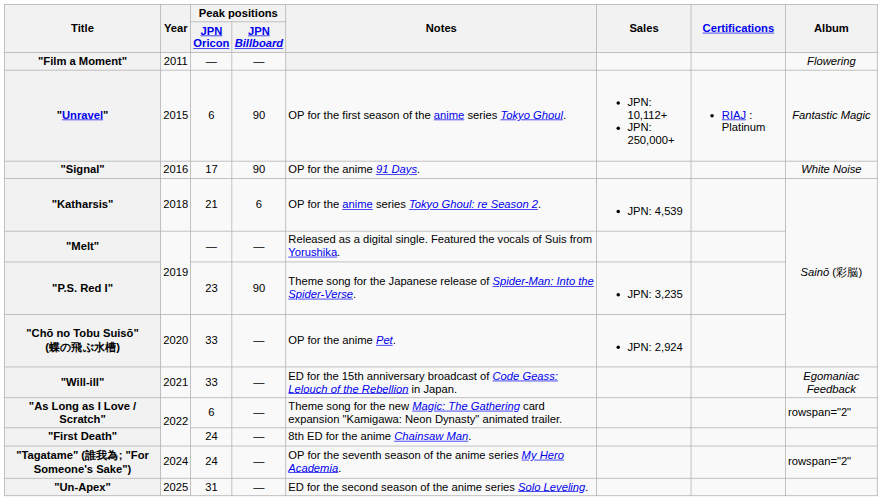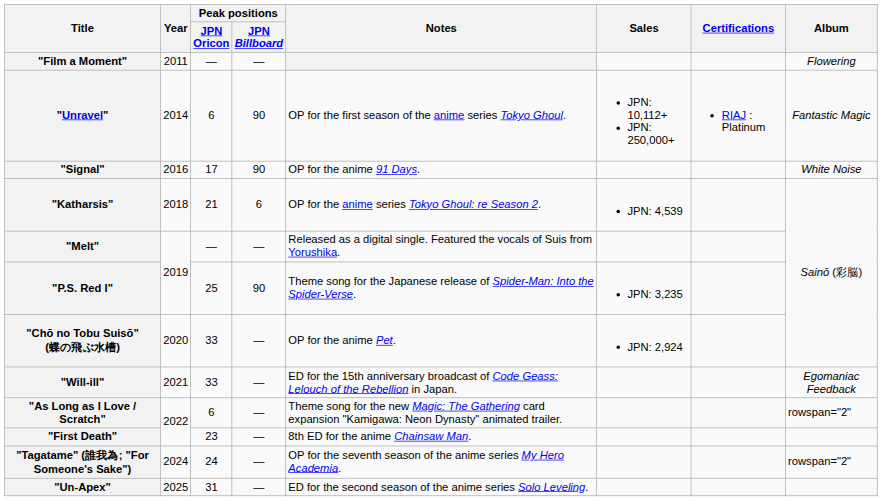 <table class="wikitable plainrowheaders">
 <tr>
 <th scope="col" rowspan="2">Title</th>
 <th scope="col" rowspan="2">Year</th>
 <th scope="col" colspan="2">Peak positions</th>
 <th scope="col" rowspan="2">Notes</th>
 <th scope="col" rowspan="2">Sales</th>
 <th scope="col" rowspan="2"><a href='#'>Certifications</a></th>
 <th scope="col" rowspan="2">Album</th>
 </tr>
 <tr>
 <th style="width:50px;" scope="col"><a href='#'>JPN <br>Oricon</a><br></th>
 <th style="width:50px;" scope="col"><a href='#'>JPN <br><em>Billboard</em></a><br></th>
 </tr>
 <tr>
 <th scope="row">"Film a Moment"</th>
 <td align="center">2011</td>
 <td align="center">—</td>
 <td align="center">—</td>
 <th></th>
 <td></td>
 <td></td>
 <td align="center"><em>Flowering</em></td>
 </tr>
 <tr>
 <th scope="row">"<a href='#'>Unravel</a>"</th>
-<td align="center">2015</td>
+<td align="center">2014</td>
 <td align="center">6</td>
 <td align="center">90</td>
 <td>OP for the first season of the <a href='#'>anime</a> series <em><a href='#'>Tokyo Ghoul</a></em>.</td>
 <td><br><ul><li>JPN: 10,112+ </li><li>JPN: 250,000+ </li></ul></td>
 <td><br><ul><li><a href='#'>RIAJ</a> : Platinum</li></ul></td>
 <td align="center"><em>Fantastic Magic</em></td>
 </tr>
 <tr>
 <th scope="row">"Signal"</th>
 <td align="center">2016</td>
 <td align="center">17</td>
 <td align="center">90</td>
 <td>OP for the anime <em><a href='#'>91 Days</a></em>.</td>
 <td></td>
 <td></td>
 <td align="center"><em>White Noise</em></td>
 </tr>
 <tr>
 <th scope="row">"Katharsis"</th>
 <td align="center">2018</td>
 <td align="center">21</td>
 <td align="center">6</td>
 <td>OP for the <a href='#'>anime</a> series <em><a href='#'>Tokyo Ghoul: re Season 2</a></em>.</td>
 <td><br><ul><li>JPN: 4,539 </li></ul></td>
 <td></td>
 <td rowspan="4" align="center"><em>Sainō</em> (彩脳)</td>
 </tr>
 <tr>
 <th scope="row">"Melt"</th>
 <td rowspan="2" align="center">2019</td>
 <td align="center">—</td>
 <td align="center">—</td>
 <td>Released as a digital single. Featured the vocals of Suis from <a href='#'>Yorushika</a>.</td>
 <td></td>
 <td></td>
 </tr>
 <tr>
 <th scope="row">"P.S. Red I"</th>
-<td align="center">23</td>
+<td align="center">25</td>
 <td align="center">90</td>
 <td>Theme song for the Japanese release of <em><a href='#'>Spider-Man: Into the Spider-Verse</a></em>.</td>
 <td><br><ul><li>JPN: 3,235 </li></ul></td>
 <td></td>
 </tr>
 <tr>
 <th scope="row">"Chō no Tobu Suisō"<br>(蝶の飛ぶ水槽)</th>
 <td align="center">2020</td>
 <td align="center">33</td>
 <td align="center">—</td>
 <td>OP for the anime <em><a href='#'>Pet</a></em>.</td>
 <td><br><ul><li>JPN: 2,924 </li></ul></td>
 <td></td>
 </tr>
 <tr>
 <th scope="row">"Will-ill"</th>
 <td align="center">2021</td>
 <td align="center">33</td>
 <td align="center">—</td>
 <td>ED for the 15th anniversary broadcast of <em><a href='#'>Code Geass: Lelouch of the Rebellion</a></em> in Japan.</td>
 <td></td>
 <td></td>
 <td align="center"><em>Egomaniac Feedback</em></td>
 </tr>
 <tr>
 <th scope="row">"As Long as I Love / Scratch"<br></th>
 <td align="center" rowspan="2">2022</td>
 <td align="center">6</td>
 <td align="center">—</td>
 <td>Theme song for the new <em><a href='#'>Magic: The Gathering</a></em> card expansion "Kamigawa: Neon Dynasty" animated trailer.</td>
 <td></td>
 <td></td>
 <td>rowspan="2" </td>
 </tr>
 <tr>
 <th scope="row">"First Death"</th>
-<td align="center">24</td>
+<td align="center">23</td>
 <td align="center">—</td>
 <td>8th ED for the anime <em><a href='#'>Chainsaw Man</a></em>.</td>
 <td></td>
 <td></td>
 </tr>
 <tr>
 <th scope="row">"Tagatame" (誰我為; "For Someone's Sake")</th>
 <td align="center">2024</td>
 <td align="center">24</td>
 <td align="center">—</td>
 <td>OP for the seventh season of the anime series <em><a href='#'>My Hero Academia</a></em>.</td>
 <td></td>
 <td></td>
 <td>rowspan="2" </td>
 </tr>
 <tr>
 <th scope="row">"Un-Apex"</th>
 <td align="center">2025</td>
 <td align="center">31</td>
 <td align="center">—</td>
 <td>ED for the second season of the anime series <em><a href='#'>Solo Leveling</a></em>.</td>
 <td></td>
 <td></td>
 </tr>
 </table>
